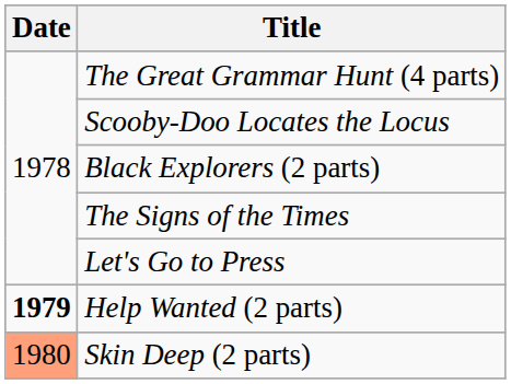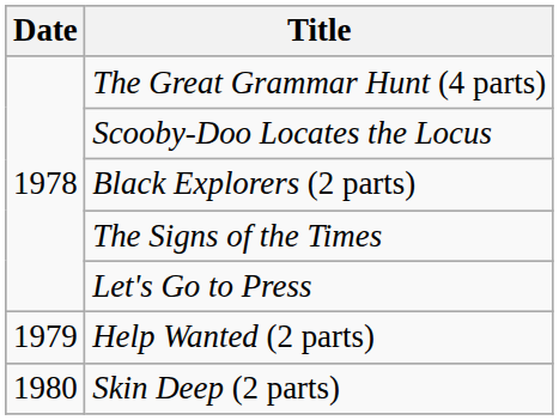 <table class="wikitable sortable">
 <tr>
 <th>Date</th>
 <th>Title</th>
 </tr>
 <tr>
 <td rowspan=5>1978</td>
 <td><em>The Great Grammar Hunt</em> (4 parts)</td>
 </tr>
 <tr>
 <td><em>Scooby-Doo Locates the Locus</em></td>
 </tr>
 <tr>
 <td><em>Black Explorers</em> (2 parts)</td>
 </tr>
 <tr>
 <td><em>The Signs of the Times</em></td>
 </tr>
 <tr>
 <td><em>Let's Go to Press</em></td>
 </tr>
 <tr>
-<td><strong>1979</strong></td>
+<td>1979</td>
 <td><em>Help Wanted</em> (2 parts)</td>
 </tr>
 <tr>
-<td style="background: lightsalmon;">1980</td>
+<td>1980</td>
 <td><em>Skin Deep</em> (2 parts)</td>
 </tr>
 </table>
